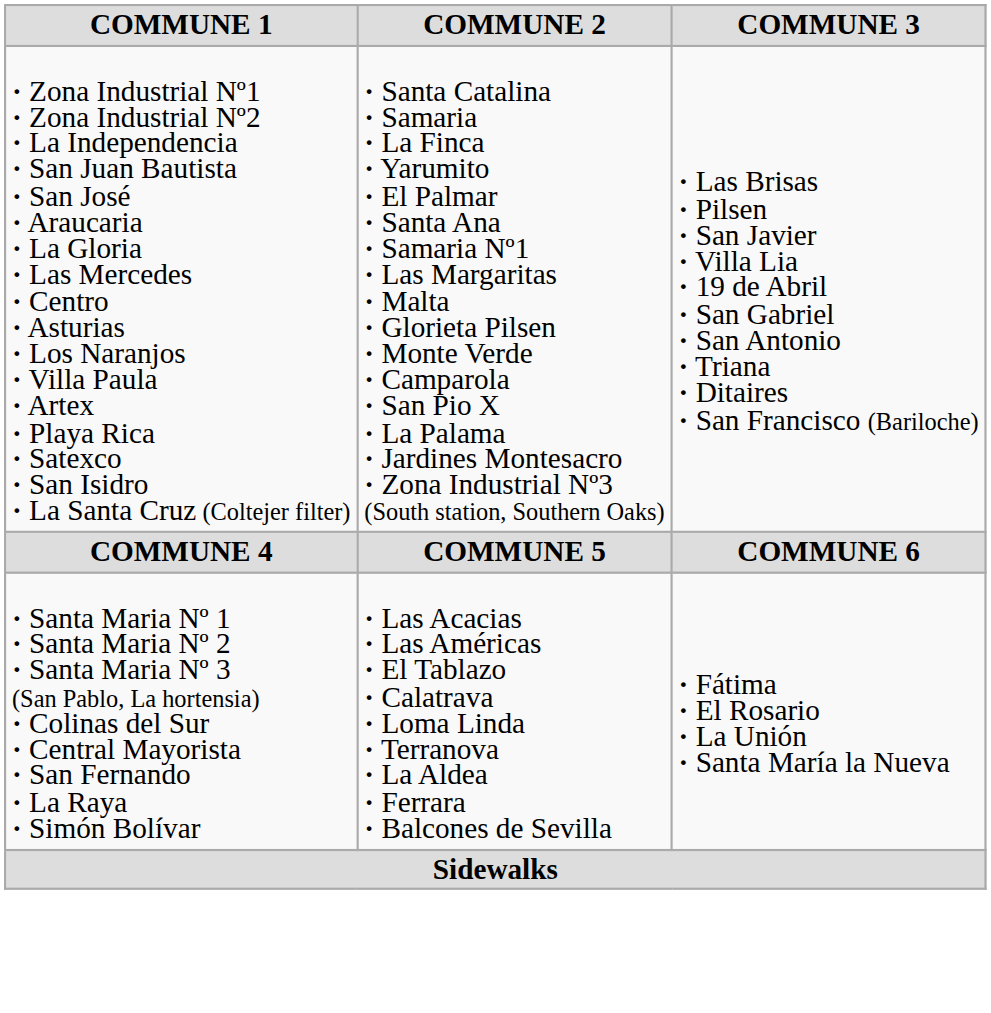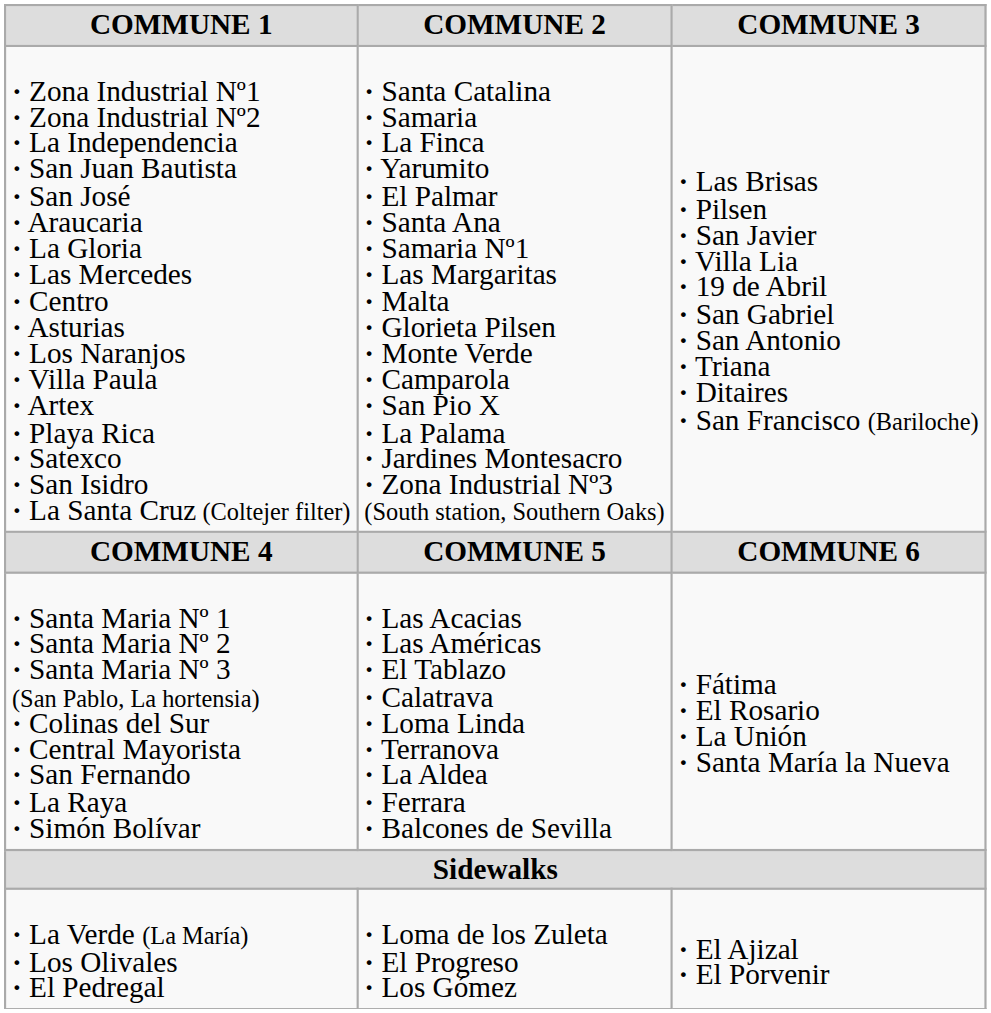 <table class="wikitable" style="line-height:90%; font-size:85%">
 <tr>
 <th style="background: #DDDDDD;">COMMUNE 1</th>
 <th style="background: #DDDDDD;">COMMUNE 2</th>
 <th style="background: #DDDDDD;">COMMUNE 3</th>
 </tr>
 <tr>
 <td><br><strong>·</strong> Zona Industrial Nº1<br><strong>·</strong> Zona Industrial Nº2<br><strong>·</strong> La Independencia<br><strong>·</strong> San Juan Bautista<br><strong>·</strong> San José<br><strong>·</strong> Araucaria<br><strong>·</strong> La Gloria<br><strong>·</strong> Las Mercedes<br><strong>·</strong> Centro<br><strong>·</strong> Asturias<br><strong>·</strong> Los Naranjos<br><strong>·</strong> Villa Paula<br><strong>·</strong> Artex<br><strong>·</strong> Playa Rica<br><strong>·</strong> Satexco<br><strong>·</strong> San Isidro  <br><strong>·</strong> La Santa Cruz<small> (Coltejer filter)</small></td>
 <td><br><strong>·</strong> Santa Catalina<br><strong>·</strong> Samaria<br><strong>·</strong> La Finca<br><strong>·</strong> Yarumito<br><strong>·</strong> El Palmar<br><strong>·</strong> Santa Ana<br><strong>·</strong> Samaria Nº1<br><strong>·</strong> Las Margaritas<br><strong>·</strong> Malta<br><strong>·</strong> Glorieta Pilsen<br><strong>·</strong> Monte Verde<br><strong>·</strong> Camparola<br><strong>·</strong> San Pio X<br><strong>·</strong> La Palama<br><strong>·</strong> Jardines Montesacro<br><strong>·</strong> Zona Industrial Nº3<br><small>(South station, Southern Oaks)</small></td>
 <td><br><strong>·</strong> Las Brisas<br><strong>·</strong> Pilsen<br><strong>·</strong> San Javier<br><strong>·</strong> Villa Lia<br><strong>·</strong> 19 de Abril<br><strong>·</strong> San Gabriel<br><strong>·</strong> San Antonio<br><strong>·</strong> Triana<br><strong>·</strong> Ditaires<br><strong>·</strong> San Francisco <small>(Bariloche)</small></td>
 </tr>
 <tr>
 <th style="background: #DDDDDD;">COMMUNE 4</th>
 <th style="background: #DDDDDD;">COMMUNE 5</th>
 <th style="background: #DDDDDD;">COMMUNE 6</th>
 </tr>
 <tr>
 <td><br><strong>·</strong> Santa Maria Nº 1 <small></small><br><strong>·</strong> Santa Maria Nº 2<br><strong>·</strong> Santa Maria Nº 3<br><small>(San Pablo, La hortensia)</small><br><strong>·</strong> Colinas del Sur<br><strong>·</strong> Central Mayorista<br><strong>·</strong> San Fernando<br><strong>·</strong> La Raya<br><strong>·</strong> Simón Bolívar</td>
 <td><br><strong>·</strong> Las Acacias<br><strong>·</strong> Las Américas<br><strong>·</strong> El Tablazo<br><strong>·</strong> Calatrava<br><strong>·</strong> Loma Linda<br><strong>·</strong> Terranova<br><strong>·</strong> La Aldea<br><strong>·</strong> Ferrara<br><strong>·</strong> Balcones de Sevilla</td>
 <td><br><strong>·</strong> Fátima<br><strong>·</strong> El Rosario<br><strong>·</strong> La Unión<br><strong>·</strong> Santa María la Nueva</td>
 </tr>
 <tr>
 <th colspan="3" style="background: #DDDDDD;">Sidewalks</th>
 </tr>
+<tr>
+<td><br><strong>·</strong> La Verde <small>(La María)</small><br><strong>·</strong> Los Olivales<br><strong>·</strong> El Pedregal</td>
+<td><br><strong>·</strong> Loma de los Zuleta<br><strong>·</strong> El Progreso<br><strong>·</strong> Los Gómez</td>
+<td><br><strong>·</strong> El Ajizal<br><strong>·</strong> El Porvenir</td>
+</tr>
 </table>
